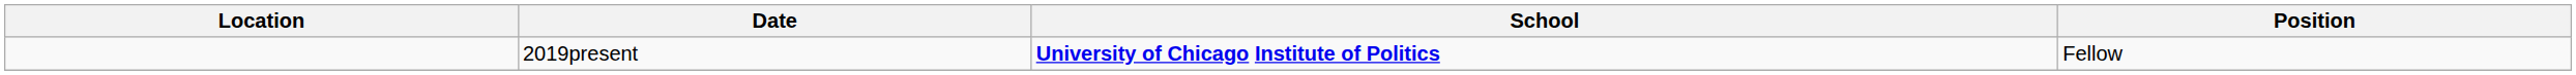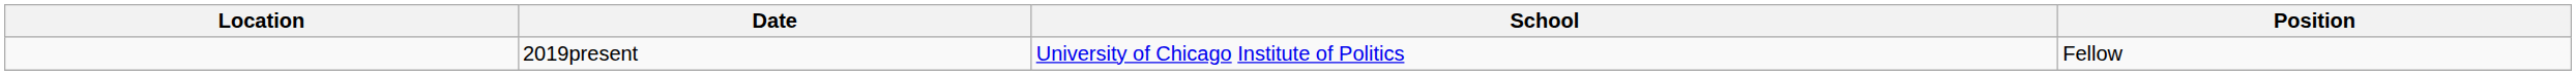 <table class="wikitable" style="width:100%;">
 <tr>
 <th style="width:20%;">Location</th>
 <th style="width:20%;">Date</th>
 <th style="width:40%;">School</th>
 <th style="width:20%;">Position</th>
 </tr>
 <tr>
 <td></td>
 <td>2019present</td>
-<td><strong><a href='#'>University of Chicago</a> <a href='#'>Institute of Politics</a></strong></td>
+<td><a href='#'>University of Chicago</a> <a href='#'>Institute of Politics</a></td>
 <td>Fellow</td>
 </tr>
 <tr>
 </tr>
 </table>
